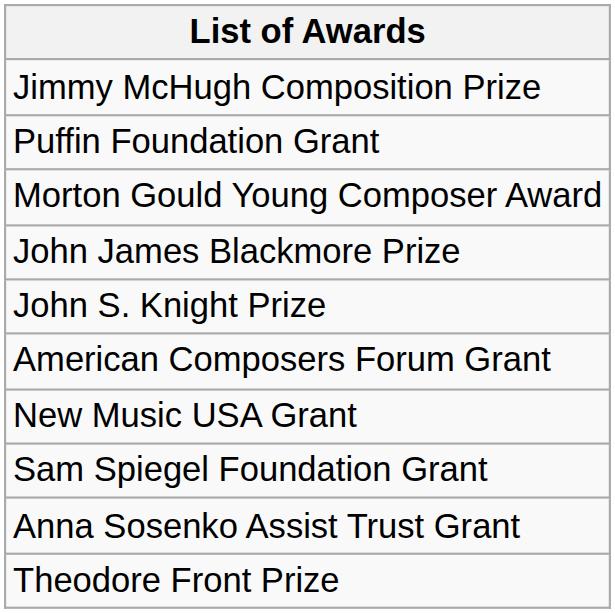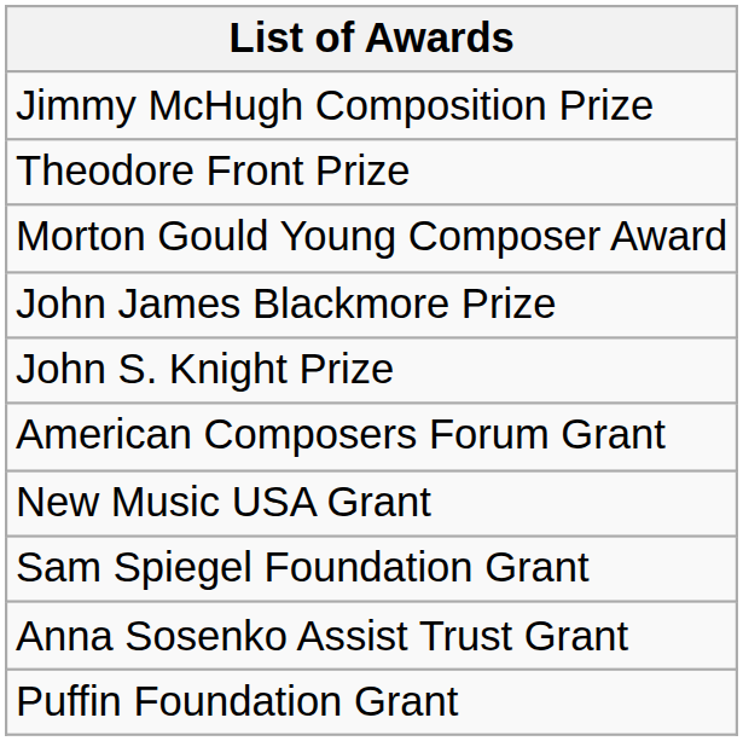 <table class="wikitable">
 <tr>
 <th>List of Awards</th>
 </tr>
 <tr>
 <td>Jimmy McHugh Composition Prize</td>
 </tr>
 <tr>
-<td>Puffin Foundation Grant</td>
+<td>Theodore Front Prize</td>
 </tr>
 <tr>
 <td>Morton Gould Young Composer Award</td>
 </tr>
 <tr>
 <td>John James Blackmore Prize</td>
 </tr>
 <tr>
 <td>John S. Knight Prize</td>
 </tr>
 <tr>
 <td>American Composers Forum Grant</td>
 </tr>
 <tr>
 <td>New Music USA Grant</td>
 </tr>
 <tr>
 <td>Sam Spiegel Foundation Grant</td>
 </tr>
 <tr>
 <td>Anna Sosenko Assist Trust Grant</td>
 </tr>
 <tr>
-<td>Theodore Front Prize</td>
+<td>Puffin Foundation Grant</td>
 </tr>
 </table>
